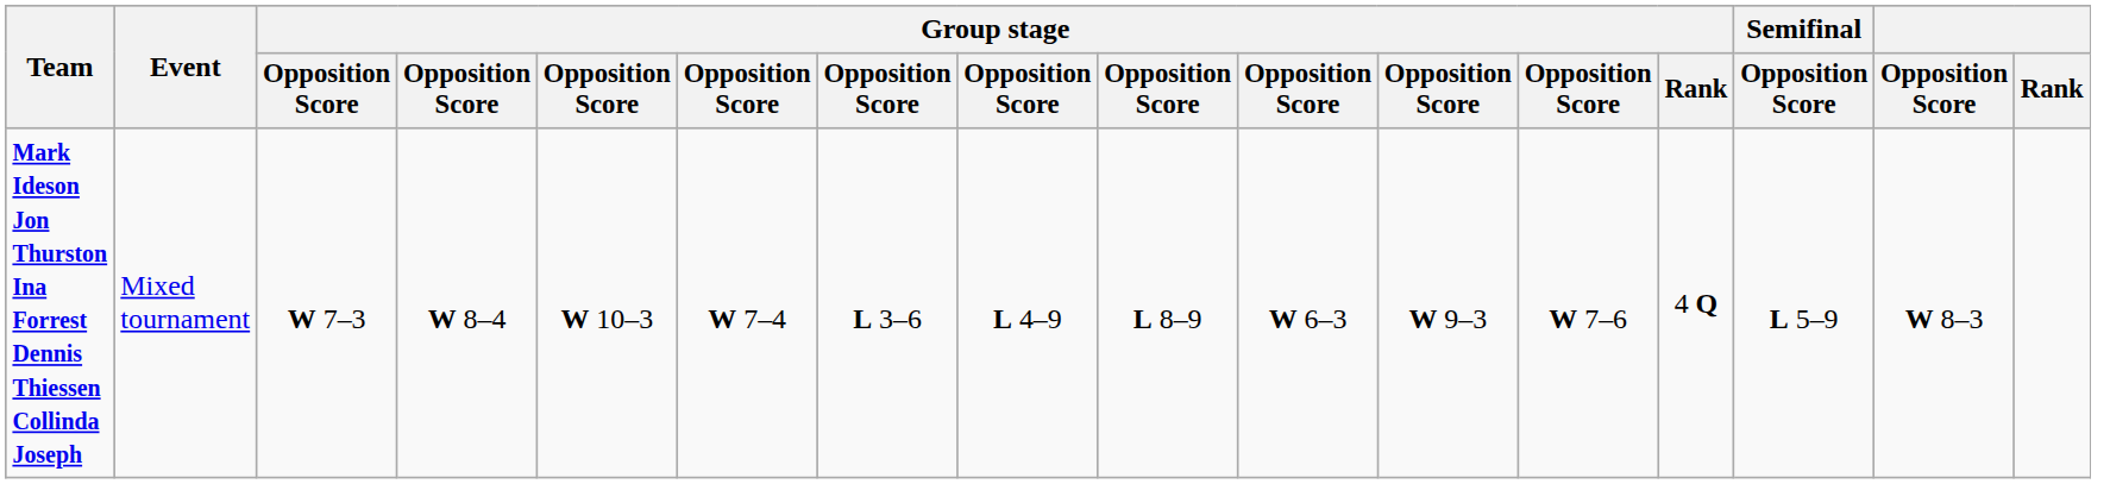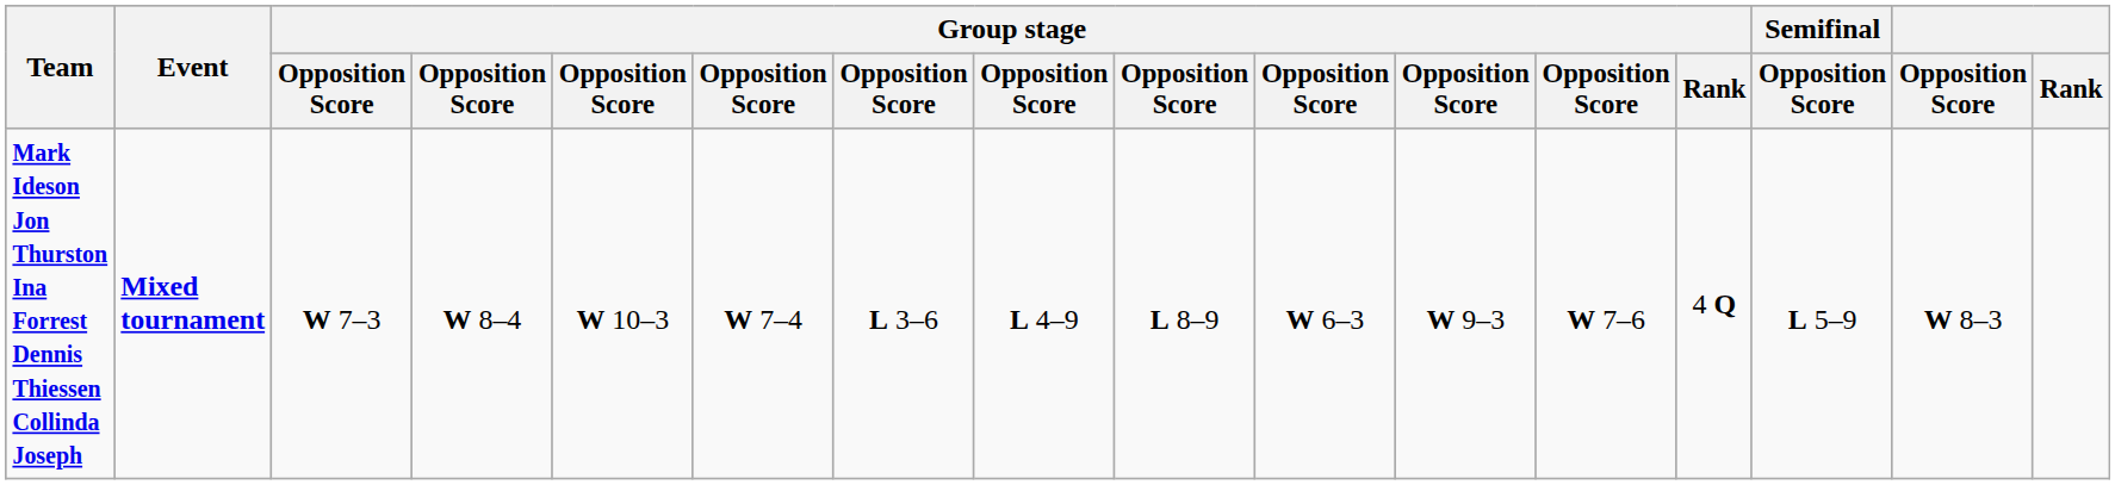 <table class=wikitable style=font-size:90%>
 <tr>
 <th rowspan=2>Team</th>
 <th rowspan=2>Event</th>
 <th colspan=11>Group stage</th>
 <th>Semifinal</th>
 <th colspan=2></th>
 </tr>
 <tr style=font-size:95%>
 <th>Opposition<br>Score</th>
 <th>Opposition<br>Score</th>
 <th>Opposition<br>Score</th>
 <th>Opposition<br>Score</th>
 <th>Opposition<br>Score</th>
 <th>Opposition<br>Score</th>
 <th>Opposition<br>Score</th>
 <th>Opposition<br>Score</th>
 <th>Opposition<br>Score</th>
 <th>Opposition<br>Score</th>
 <th>Rank</th>
 <th>Opposition<br>Score</th>
 <th>Opposition<br>Score</th>
 <th>Rank</th>
 </tr>
 <tr align=center>
 <td align=left><small><strong><a href='#'>Mark Ideson</a><br><a href='#'>Jon Thurston</a><br><a href='#'>Ina Forrest</a><br><a href='#'>Dennis Thiessen</a><br><a href='#'>Collinda Joseph</a></strong></small></td>
-<td align=left><a href='#'>Mixed tournament</a></td>
+<td align=left><strong><a href='#'>Mixed tournament</a></strong></td>
 <td><br><strong>W</strong> 7–3</td>
 <td><br><strong>W</strong> 8–4</td>
 <td><br><strong>W</strong> 10–3</td>
 <td><br><strong>W</strong> 7–4</td>
 <td><br><strong>L</strong> 3–6</td>
 <td><br><strong>L</strong> 4–9</td>
 <td><br><strong>L</strong> 8–9</td>
 <td><br><strong>W</strong> 6–3</td>
 <td><br><strong>W</strong> 9–3</td>
 <td><br><strong>W</strong> 7–6</td>
 <td>4 <strong>Q</strong></td>
 <td><br><strong>L</strong> 5–9</td>
 <td><br><strong>W</strong> 8–3</td>
 <td></td>
 </tr>
 </table>
